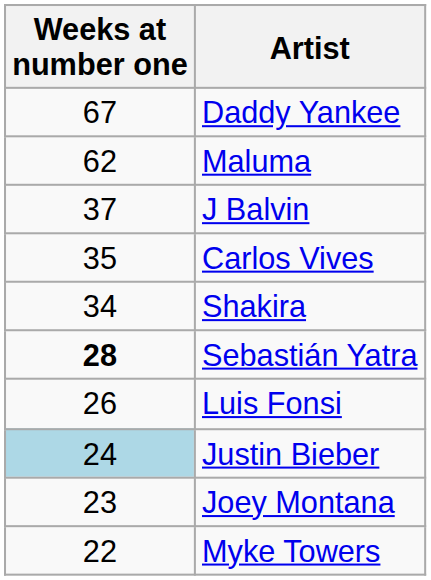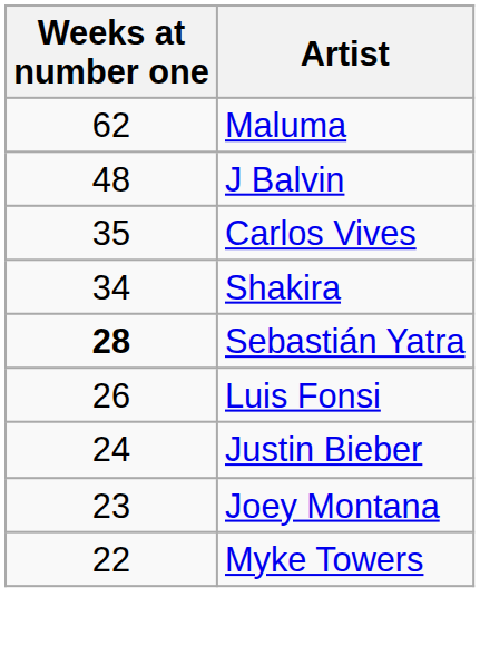 <table class="wikitable" style="font-size:95%;">
 <tr>
 <th>Weeks at <br> number one</th>
 <th>Artist</th>
 </tr>
 <tr>
-<td style="text-align:center;">67</td>
-<td><a href='#'>Daddy Yankee</a></td>
-</tr>
-<tr>
 <td style="text-align:center;">62</td>
 <td><a href='#'>Maluma</a></td>
 </tr>
 <tr>
-<td style="text-align:center;">37</td>
+<td style="text-align:center;">48</td>
 <td><a href='#'>J Balvin</a></td>
 </tr>
 <tr>
 <td style="text-align:center;">35</td>
 <td><a href='#'>Carlos Vives</a></td>
 </tr>
 <tr>
 <td style="text-align:center;">34</td>
 <td><a href='#'>Shakira</a></td>
 </tr>
 <tr>
 <td style="text-align:center;"><strong>28</strong></td>
 <td><a href='#'>Sebastián Yatra</a></td>
 </tr>
 <tr>
 <td style="text-align:center;">26</td>
 <td><a href='#'>Luis Fonsi</a></td>
 </tr>
 <tr>
-<td style="background: lightblue; text-align:center;">24</td>
+<td style="text-align:center;">24</td>
 <td><a href='#'>Justin Bieber</a></td>
 </tr>
 <tr>
 <td style="text-align:center;">23</td>
 <td><a href='#'>Joey Montana</a></td>
 </tr>
 <tr>
 <td style="text-align:center;">22</td>
 <td><a href='#'>Myke Towers</a></td>
 </tr>
 </table>
